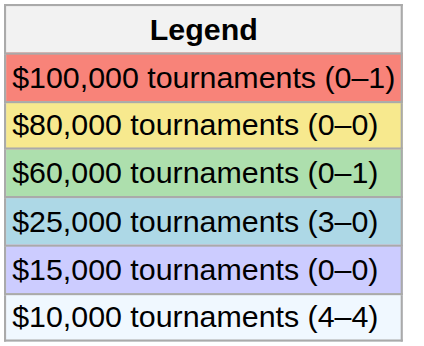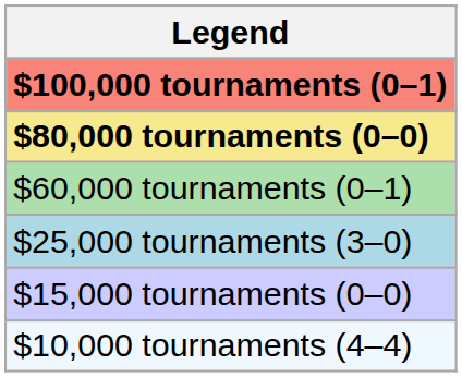 <table class=wikitable style="font-size:90%;">
 <tr>
 <th>Legend</th>
 </tr>
 <tr bgcolor=#F88379>
-<td>$100,000 tournaments (0–1)</td>
+<td><strong>$100,000 tournaments (0–1)</strong></td>
 </tr>
 <tr bgcolor=f7e98e>
-<td>$80,000 tournaments (0–0)</td>
+<td><strong>$80,000 tournaments (0–0)</strong></td>
 </tr>
 <tr bgcolor=#ADDFAD>
 <td>$60,000 tournaments (0–1)</td>
 </tr>
 <tr bgcolor=lightblue>
 <td>$25,000 tournaments (3–0)</td>
 </tr>
 <tr bgcolor=#ccf>
 <td>$15,000 tournaments (0–0)</td>
 </tr>
 <tr bgcolor=#f0f8ff>
 <td>$10,000 tournaments (4–4)</td>
 </tr>
 </table>
